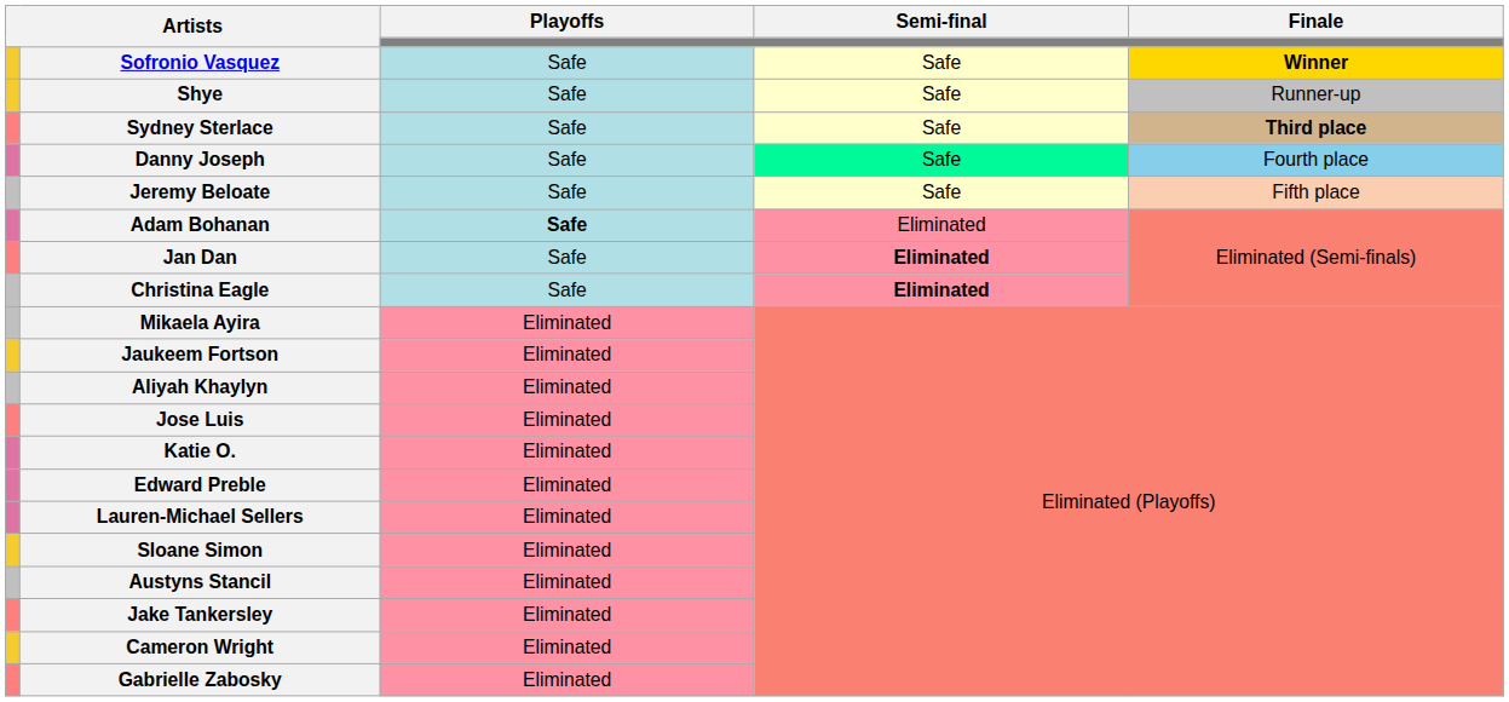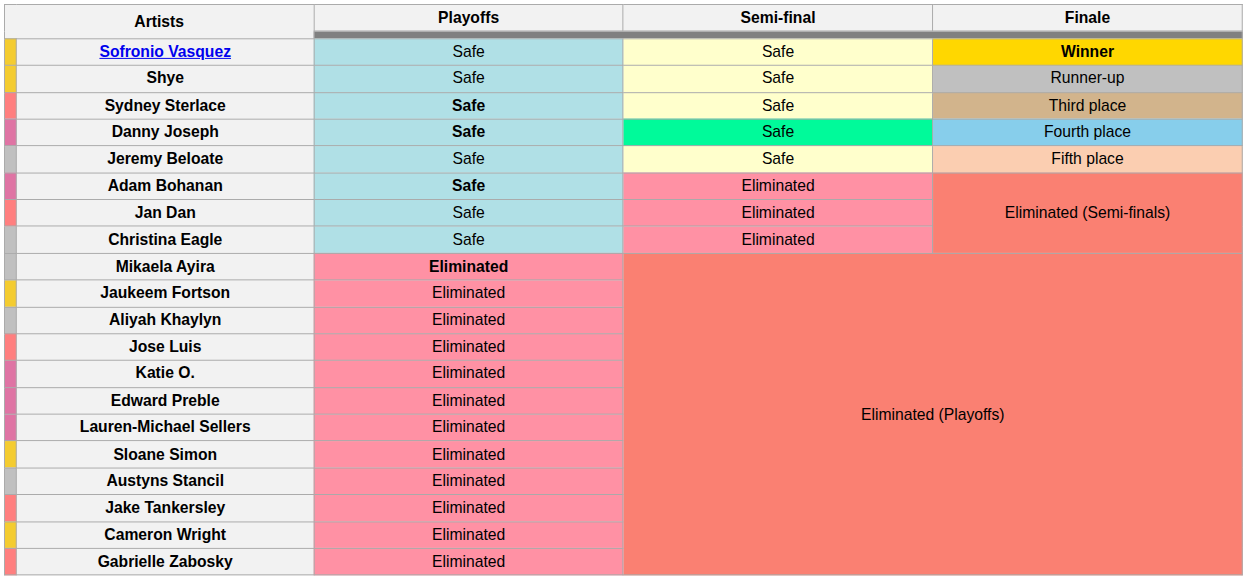 <table class="wikitable" style="text-align:center; line-height:20px; width:100%">
 <tr>
 <th colspan="2" rowspan="2" width="20%">Artists</th>
 <th style="width:20%">Playoffs</th>
 <th style="width:20%">Semi-final</th>
 <th style="width:20%">Finale</th>
 </tr>
 <tr>
 <th colspan="5" style="background:gray"></th>
 </tr>
 <tr>
 <th style="background:#F4CC30"></th>
 <th scope="row"><a href='#'>Sofronio Vasquez</a></th>
 <td style="background:#B0E0E6">Safe</td>
 <td style="background:#FFFFCC">Safe</td>
 <td style="background:gold"><strong>Winner</strong></td>
 </tr>
 <tr>
 <th style="background:#F4CC30"></th>
 <th scope="row">Shye</th>
 <td style="background:#B0E0E6">Safe</td>
 <td style="background:#FFFFCC">Safe</td>
 <td style="background:silver">Runner-up</td>
 </tr>
 <tr>
 <th style="background:#FF7F7F"></th>
 <th scope="row">Sydney Sterlace</th>
-<td style="background:#B0E0E6">Safe</td>
+<td style="background:#B0E0E6"><strong>Safe</strong></td>
 <td style="background:#FFFFCC">Safe</td>
-<td style="background:tan"><strong>Third place</strong></td>
+<td style="background:tan">Third place</td>
 </tr>
 <tr>
 <th style="background:#df74a4"></th>
 <th scope="row">Danny Joseph</th>
-<td style="background:#B0E0E6">Safe</td>
+<td style="background:#B0E0E6"><strong>Safe</strong></td>
 <td style="background:#00FA9A">Safe</td>
 <td style="background:skyblue">Fourth place</td>
 </tr>
 <tr>
 <th style="background:#C0C0C0"></th>
 <th scope="row">Jeremy Beloate</th>
 <td style="background:#B0E0E6">Safe</td>
 <td style="background:#FFFFCC">Safe</td>
 <td style="background:#fbceb1">Fifth place</td>
 </tr>
 <tr>
 <th style="background:#df74a4"></th>
 <th scope="row">Adam Bohanan</th>
 <td style="background:#B0E0E6"><strong>Safe</strong></td>
 <td style="background:#FF91A4">Eliminated</td>
 <td colspan="3" rowspan="3" style="background:salmon">Eliminated (Semi-finals)</td>
 </tr>
 <tr>
 <th style="background:#FF7F7F"></th>
 <th scope="row">Jan Dan</th>
 <td style="background:#B0E0E6">Safe</td>
-<td style="background:#FF91A4"><strong>Eliminated</strong></td>
+<td style="background:#FF91A4">Eliminated</td>
 </tr>
 <tr>
 <th style="background:#C0C0C0"></th>
 <th scope="row">Christina Eagle</th>
 <td style="background:#B0E0E6">Safe</td>
-<td style="background:#FF91A4"><strong>Eliminated</strong></td>
+<td style="background:#FF91A4">Eliminated</td>
 </tr>
 <tr>
 <th style="background:#C0C0C0"></th>
 <th scope="row">Mikaela Ayira</th>
-<td style="background:#FF91A4">Eliminated</td>
+<td style="background:#FF91A4"><strong>Eliminated</strong></td>
 <td colspan="2" rowspan="12" style="background:salmon">Eliminated (Playoffs)</td>
 </tr>
 <tr>
 <th style="background:#F4CC30"></th>
 <th scope="row">Jaukeem Fortson</th>
 <td style="background:#FF91A4">Eliminated</td>
 </tr>
 <tr>
 <th style="background:#C0C0C0"></th>
 <th scope="row">Aliyah Khaylyn</th>
 <td style="background:#FF91A4">Eliminated</td>
 </tr>
 <tr>
 <th style="background:#FF7F7F"></th>
 <th scope="row">Jose Luis</th>
 <td style="background:#FF91A4">Eliminated</td>
 </tr>
 <tr>
 <th style="background:#df74a4"></th>
 <th scope="row">Katie O.</th>
 <td style="background:#FF91A4">Eliminated</td>
 </tr>
 <tr>
 <th style="background:#df74a4"></th>
 <th scope="row">Edward Preble</th>
 <td style="background:#FF91A4">Eliminated</td>
 </tr>
 <tr>
 <th style="background:#df74a4"></th>
 <th scope="row">Lauren-Michael Sellers</th>
 <td style="background:#FF91A4">Eliminated</td>
 </tr>
 <tr>
 <th style="background:#F4CC30"></th>
 <th scope="row">Sloane Simon</th>
 <td style="background:#FF91A4">Eliminated</td>
 </tr>
 <tr>
 <th style="background:#C0C0C0"></th>
 <th scope="row">Austyns Stancil</th>
 <td style="background:#FF91A4">Eliminated</td>
 </tr>
 <tr>
 <th style="background:#FF7F7F"></th>
 <th scope="row">Jake Tankersley</th>
 <td style="background:#FF91A4">Eliminated</td>
 </tr>
 <tr>
 <th style="background:#F4CC30"></th>
 <th scope="row">Cameron Wright</th>
 <td style="background:#FF91A4">Eliminated</td>
 </tr>
 <tr>
 <th style="background:#FF7F7F"></th>
 <th scope="row">Gabrielle Zabosky</th>
 <td style="background:#FF91A4">Eliminated</td>
 </tr>
 </table>
